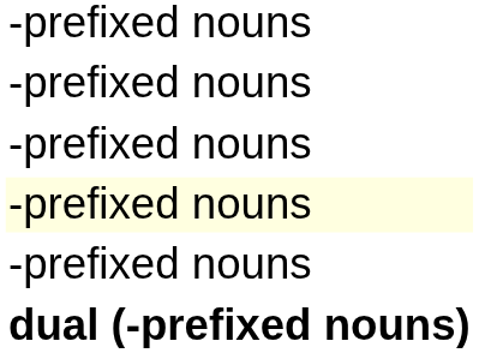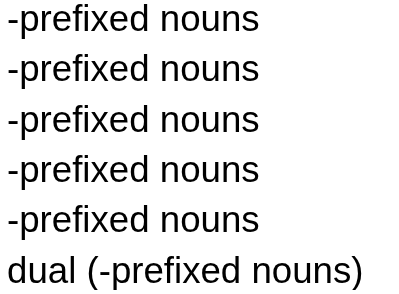 <table>
 <tr>
 <td></td>
 <td>-prefixed nouns</td>
 </tr>
 <tr>
 <td></td>
 <td>-prefixed nouns</td>
 </tr>
 <tr>
 <td></td>
 <td>-prefixed nouns</td>
 </tr>
 <tr>
 <td></td>
-<td style="background: lightyellow;">-prefixed nouns</td>
+<td>-prefixed nouns</td>
 </tr>
 <tr>
 <td></td>
 <td>-prefixed nouns</td>
 </tr>
 <tr>
 <td></td>
-<td><strong>dual (-prefixed nouns)</strong></td>
+<td>dual (-prefixed nouns)</td>
 </tr>
 </table>
